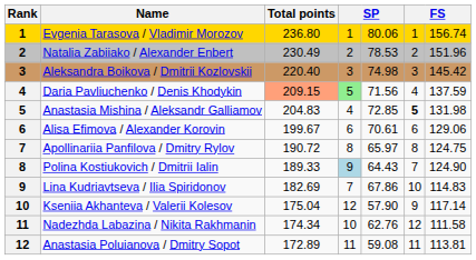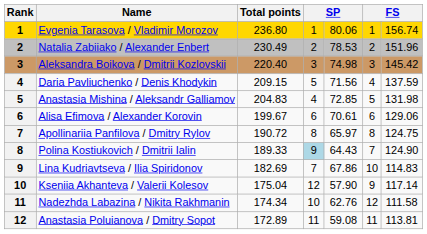 <table class="wikitable sortable">
 <tr>
 <th>Rank</th>
 <th>Name</th>
 <th>Total points</th>
 <th colspan="2" width="80px"><a href='#'>SP</a></th>
 <th colspan="2" width="80px"><a href='#'>FS</a></th>
 </tr>
 <tr bgcolor="gold">
 <td align="center"><strong>1</strong></td>
 <td><a href='#'>Evgenia Tarasova</a> / <a href='#'>Vladimir Morozov</a></td>
 <td align="center">236.80</td>
 <td align="center">1</td>
 <td align="center">80.06</td>
 <td align="center">1</td>
 <td align="center">156.74</td>
 </tr>
 <tr bgcolor="silver">
 <td align="center"><strong>2</strong></td>
 <td><a href='#'>Natalia Zabiiako</a> / <a href='#'>Alexander Enbert</a></td>
 <td align="center">230.49</td>
 <td align="center">2</td>
 <td align="center">78.53</td>
 <td align="center">2</td>
 <td align="center">151.96</td>
 </tr>
 <tr bgcolor="cc9966">
 <td align="center"><strong>3</strong></td>
 <td><a href='#'>Aleksandra Boikova</a> / <a href='#'>Dmitrii Kozlovskii</a></td>
 <td align="center">220.40</td>
 <td align="center">3</td>
 <td align="center">74.98</td>
 <td align="center">3</td>
 <td align="center">145.42</td>
 </tr>
 <tr>
 <th>4</th>
 <td><a href='#'>Daria Pavliuchenko</a> / <a href='#'>Denis Khodykin</a></td>
-<td align="center" style="background: lightsalmon;">209.15</td>
-<td align="center" style="background: lightgreen;">5</td>
+<td align="center">209.15</td>
+<td align="center">5</td>
 <td align="center">71.56</td>
 <td align="center">4</td>
 <td align="center">137.59</td>
 </tr>
 <tr>
 <th>5</th>
 <td><a href='#'>Anastasia Mishina</a> / <a href='#'>Aleksandr Galliamov</a></td>
 <td align="center">204.83</td>
 <td align="center">4</td>
 <td align="center">72.85</td>
-<td align="center"><strong>5</strong></td>
+<td align="center">5</td>
 <td align="center">131.98</td>
 </tr>
 <tr>
 <th>6</th>
 <td><a href='#'>Alisa Efimova</a> / <a href='#'>Alexander Korovin</a></td>
 <td align="center">199.67</td>
 <td align="center">6</td>
 <td align="center">70.61</td>
 <td align="center">6</td>
 <td align="center">129.06</td>
 </tr>
 <tr>
 <th>7</th>
 <td><a href='#'>Apollinariia Panfilova</a> / <a href='#'>Dmitry Rylov</a></td>
 <td align="center">190.72</td>
 <td align="center">8</td>
 <td align="center">65.97</td>
 <td align="center">8</td>
 <td align="center">124.75</td>
 </tr>
 <tr>
 <th>8</th>
 <td><a href='#'>Polina Kostiukovich</a> / <a href='#'>Dmitrii Ialin</a></td>
 <td align="center">189.33</td>
 <td align="center" style="background: lightblue;">9</td>
 <td align="center">64.43</td>
 <td align="center">7</td>
 <td align="center">124.90</td>
 </tr>
 <tr>
 <th>9</th>
 <td><a href='#'>Lina Kudriavtseva</a> / <a href='#'>Ilia Spiridonov</a></td>
 <td align="center">182.69</td>
 <td align="center">7</td>
 <td align="center">67.86</td>
 <td align="center">10</td>
 <td align="center">114.83</td>
 </tr>
 <tr>
 <th>10</th>
 <td><a href='#'>Kseniia Akhanteva</a> / <a href='#'>Valerii Kolesov</a></td>
 <td align="center">175.04</td>
 <td align="center">12</td>
 <td align="center">57.90</td>
 <td align="center">9</td>
 <td align="center">117.14</td>
 </tr>
 <tr>
 <th>11</th>
 <td><a href='#'>Nadezhda Labazina</a> / <a href='#'>Nikita Rakhmanin</a></td>
 <td align="center">174.34</td>
 <td align="center">10</td>
 <td align="center">62.76</td>
 <td align="center">12</td>
 <td align="center">111.58</td>
 </tr>
 <tr>
 <th>12</th>
 <td><a href='#'>Anastasia Poluianova</a> / <a href='#'>Dmitry Sopot</a></td>
 <td align="center">172.89</td>
 <td align="center">11</td>
 <td align="center">59.08</td>
 <td align="center">11</td>
 <td align="center">113.81</td>
 </tr>
 </table>
